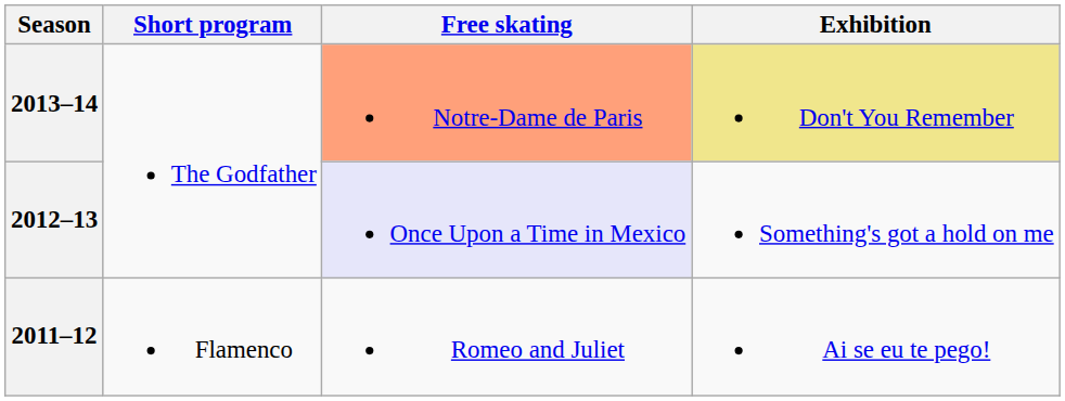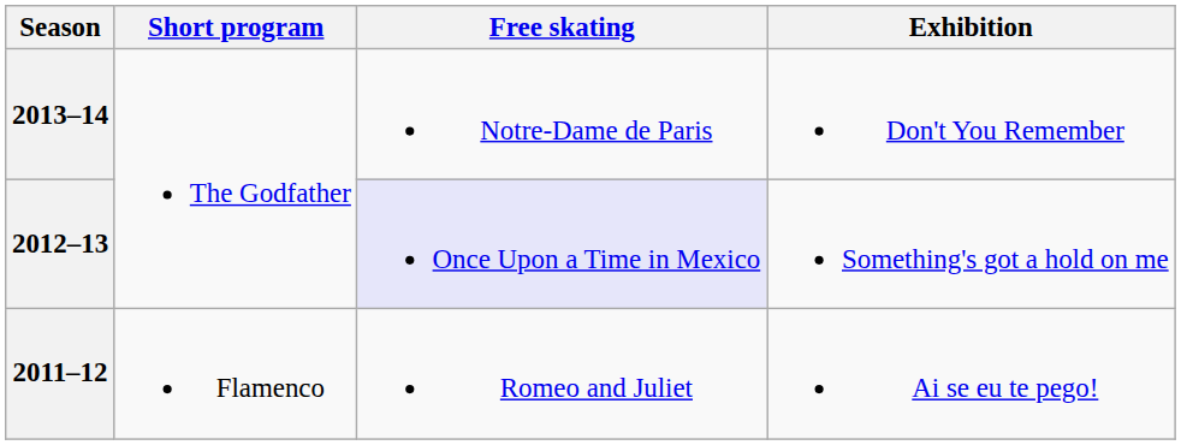 <table class="wikitable" style="text-align:center">
 <tr>
 <th>Season</th>
 <th><a href='#'>Short program</a></th>
 <th><a href='#'>Free skating</a></th>
 <th>Exhibition</th>
 </tr>
 <tr>
 <th>2013–14 <br> </th>
 <td rowspan=2><br><ul><li><a href='#'>The Godfather</a> <br></li></ul></td>
-<td style="background: lightsalmon;"><br><ul><li><a href='#'>Notre-Dame de Paris</a> <br></li></ul></td>
-<td style="background: khaki;"><br><ul><li><a href='#'>Don't You Remember</a> <br></li></ul></td>
+<td><br><ul><li><a href='#'>Notre-Dame de Paris</a> <br></li></ul></td>
+<td><br><ul><li><a href='#'>Don't You Remember</a> <br></li></ul></td>
 </tr>
 <tr>
 <th>2012–13 <br> </th>
 <td style="background: lavender;"><br><ul><li><a href='#'>Once Upon a Time in Mexico</a> <br></li></ul></td>
 <td><br><ul><li><a href='#'>Something's got a hold on me</a> <br></li></ul></td>
 </tr>
 <tr>
 <th>2011–12 <br> </th>
 <td><br><ul><li>Flamenco <br></li></ul></td>
 <td><br><ul><li><a href='#'>Romeo and Juliet</a> <br></li></ul></td>
 <td><br><ul><li><a href='#'>Ai se eu te pego!</a> <br></li></ul></td>
 </tr>
 </table>
